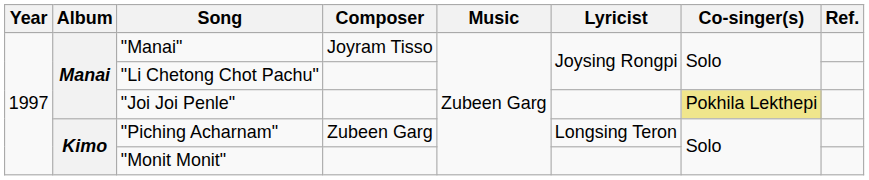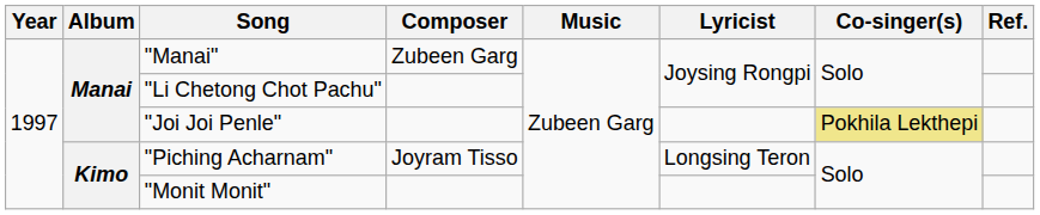 <table class="wikitable plainrowheaders">
 <tr>
 <th scope="col">Year</th>
 <th>Album</th>
 <th scope="col">Song</th>
 <th scope="col">Composer</th>
 <th>Music</th>
 <th>Lyricist</th>
 <th scope="col">Co-singer(s)</th>
 <th scope="col">Ref.</th>
 </tr>
 <tr>
 <td rowspan="5">1997</td>
 <th rowspan="3"><em>Manai</em></th>
 <td>"Manai"</td>
-<td>Joyram Tisso</td>
+<td>Zubeen Garg</td>
 <td rowspan="5">Zubeen Garg</td>
 <td rowspan="2">Joysing Rongpi</td>
 <td rowspan="2">Solo</td>
 <td></td>
 </tr>
 <tr>
 <td>"Li Chetong Chot Pachu"</td>
 <td></td>
 <td></td>
 </tr>
 <tr>
 <td>"Joi Joi Penle"</td>
 <td></td>
 <td></td>
 <td style="background: khaki;">Pokhila Lekthepi</td>
 <td></td>
 </tr>
 <tr>
 <th rowspan="2"><em>Kimo</em></th>
 <td>"Piching Acharnam"</td>
-<td>Zubeen Garg</td>
+<td>Joyram Tisso</td>
 <td>Longsing Teron</td>
 <td rowspan="2">Solo</td>
 <td></td>
 </tr>
 <tr>
 <td>"Monit Monit"</td>
 <td></td>
 <td></td>
 <td></td>
 </tr>
 </table>
